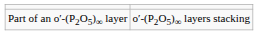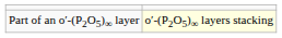 <table class="wikitable sortable mw-collapsible" align="center" style="margin:1em auto; text-align:center;">
 <tr>
 <td></td>
 <td></td>
 </tr>
 <tr>
 <td>Part of an o′-(P<sub>2</sub>O<sub>5</sub>)<sub>∞</sub> layer</td>
-<td>o′-(P<sub>2</sub>O<sub>5</sub>)<sub>∞</sub> layers stacking</td>
+<td style="background: lightyellow;">o′-(P<sub>2</sub>O<sub>5</sub>)<sub>∞</sub> layers stacking</td>
 </tr>
 </table>
